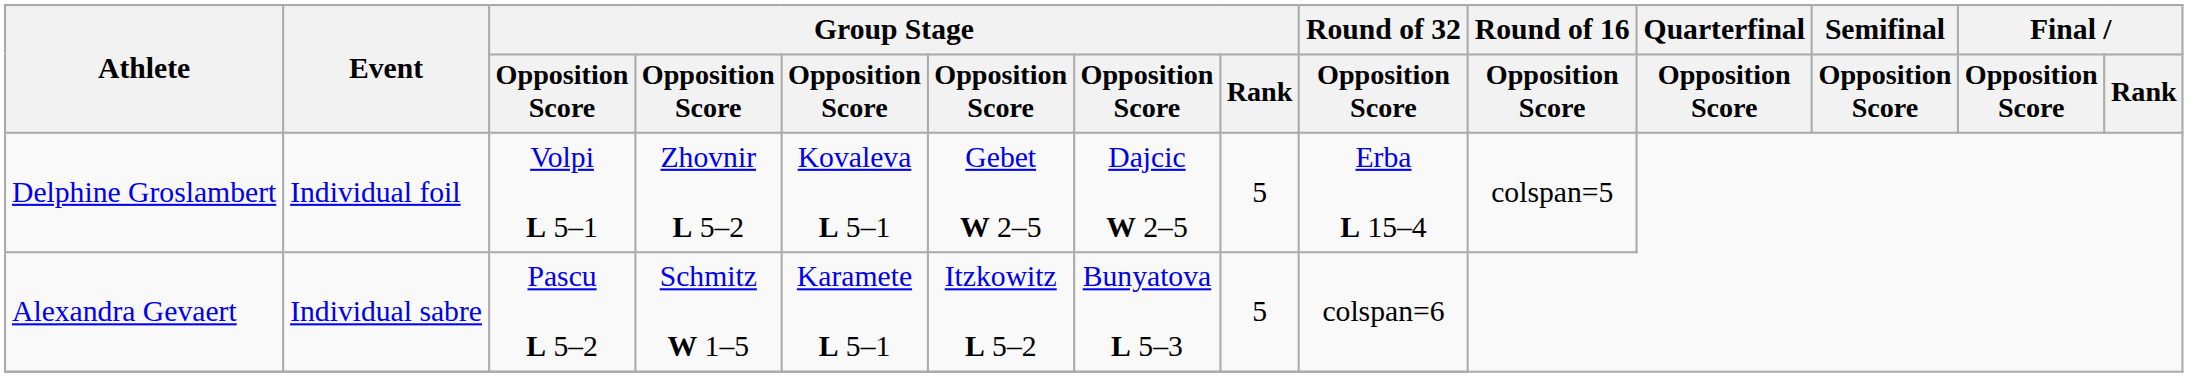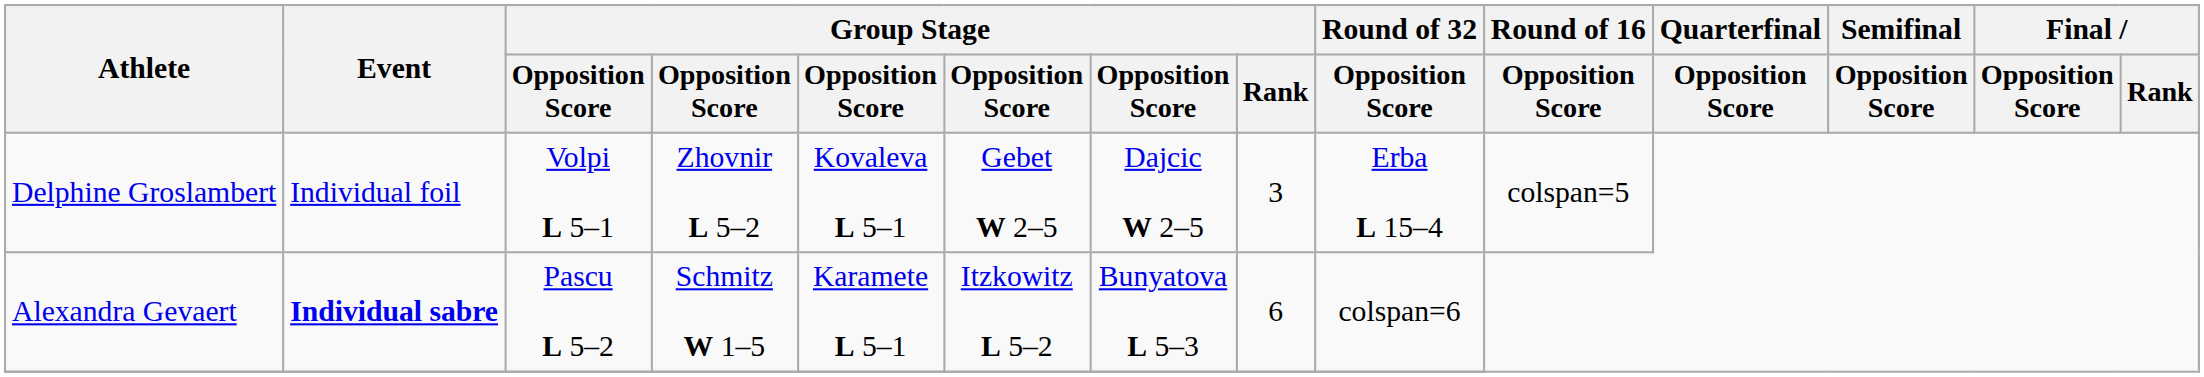 <table class="wikitable" style="font-size:90%">
 <tr>
 <th rowspan=2>Athlete</th>
 <th rowspan=2>Event</th>
 <th colspan=6>Group Stage</th>
 <th>Round of 32</th>
 <th>Round of 16</th>
 <th>Quarterfinal</th>
 <th>Semifinal</th>
 <th colspan=2>Final / </th>
 </tr>
 <tr style="font-size:95%">
 <th>Opposition<br>Score</th>
 <th>Opposition<br>Score</th>
 <th>Opposition<br>Score</th>
 <th>Opposition<br>Score</th>
 <th>Opposition<br>Score</th>
 <th>Rank</th>
 <th>Opposition<br>Score</th>
 <th>Opposition<br>Score</th>
 <th>Opposition<br>Score</th>
 <th>Opposition<br>Score</th>
 <th>Opposition<br>Score</th>
 <th>Rank</th>
 </tr>
 <tr align=center>
 <td align=left><a href='#'>Delphine Groslambert</a></td>
 <td align=left><a href='#'>Individual foil</a></td>
 <td><a href='#'>Volpi</a><br><br><strong>L</strong> 5–1</td>
 <td><a href='#'>Zhovnir</a><br><br><strong>L</strong> 5–2</td>
 <td><a href='#'>Kovaleva</a><br><br><strong>L</strong> 5–1</td>
 <td><a href='#'>Gebet</a><br><br><strong>W</strong> 2–5</td>
 <td><a href='#'>Dajcic</a><br><br><strong>W</strong> 2–5</td>
-<td>5</td>
+<td>3</td>
 <td><a href='#'>Erba</a><br><br><strong>L</strong> 15–4</td>
 <td>colspan=5 </td>
 </tr>
 <tr align=center>
 <td align=left><a href='#'>Alexandra Gevaert</a></td>
-<td align=left><a href='#'>Individual sabre</a></td>
+<td align=left><strong><a href='#'>Individual sabre</a></strong></td>
 <td><a href='#'>Pascu</a><br><br><strong>L</strong> 5–2</td>
 <td><a href='#'>Schmitz</a><br><br><strong>W</strong> 1–5</td>
 <td><a href='#'>Karamete</a><br><br><strong>L</strong> 5–1</td>
 <td><a href='#'>Itzkowitz</a><br><br><strong>L</strong> 5–2</td>
 <td><a href='#'>Bunyatova</a><br><br><strong>L</strong> 5–3</td>
-<td>5</td>
+<td>6</td>
 <td>colspan=6 </td>
 </tr>
 <tr align=center>
 </tr>
 </table>
